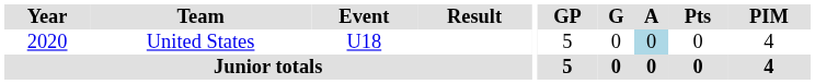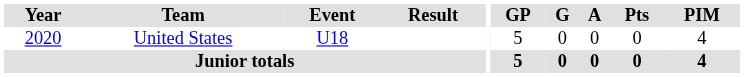 <table border="0" cellpadding="1" cellspacing="0" ID="Table3" style="text-align:center; width:40em">
 <tr ALIGN="center" bgcolor="#e0e0e0">
 <th>Year</th>
 <th>Team</th>
 <th>Event</th>
 <th>Result</th>
 <th rowspan="99" bgcolor="#ffffff"></th>
 <th>GP</th>
 <th>G</th>
 <th>A</th>
 <th>Pts</th>
 <th>PIM</th>
 </tr>
 <tr>
 <td><a href='#'>2020</a></td>
 <td><a href='#'>United States</a></td>
 <td><a href='#'>U18</a></td>
 <td></td>
 <td>5</td>
 <td>0</td>
-<td style="background: lightblue;">0</td>
+<td>0</td>
 <td>0</td>
 <td>4</td>
 </tr>
 <tr bgcolor="#e0e0e0">
 <th colspan="4">Junior totals</th>
 <th>5</th>
 <th>0</th>
 <th>0</th>
 <th>0</th>
 <th>4</th>
 </tr>
 </table>
